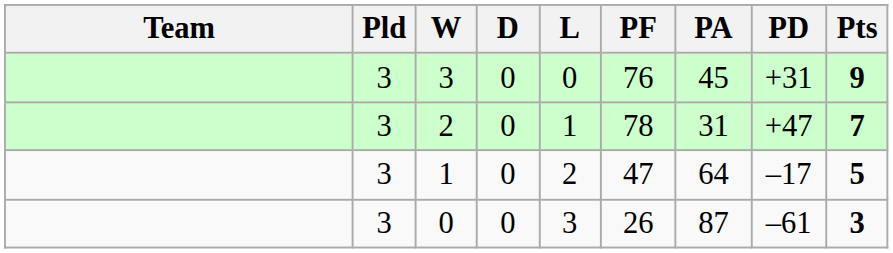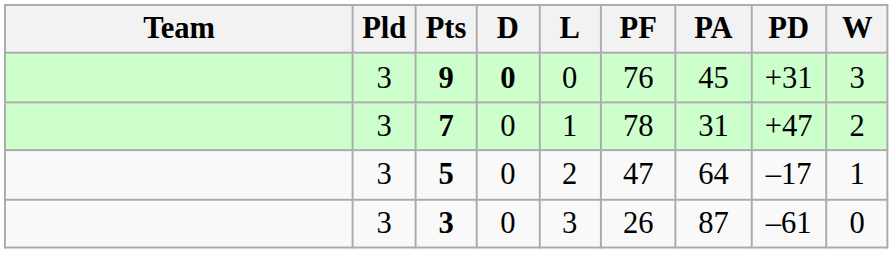 <table class="wikitable" style="text-align:center;">
 <tr>
 <th width=175>Team</th>
 <th width=25 abbr="Played">Pld</th>
-<th width=25 abbr="Won">W</th>
+<th width=25 abbr="Points">Pts</th>
 <th width=25 abbr="Drawn">D</th>
 <th width=25 abbr="Lost">L</th>
 <th width=32 abbr="Points for">PF</th>
 <th width=32 abbr="Points against">PA</th>
 <th width=32 abbr="Points difference">PD</th>
-<th width=25 abbr="Points">Pts</th>
+<th width=25 abbr="Won">W</th>
 </tr>
 <tr bgcolor="#ccffcc">
 <td align=left></td>
 <td>3</td>
-<td>3</td>
-<td>0</td>
+<td><strong>9</strong></td>
+<td><strong>0</strong></td>
 <td>0</td>
 <td>76</td>
 <td>45</td>
 <td>+31</td>
-<td><strong>9</strong></td>
+<td>3</td>
 </tr>
 <tr bgcolor="#ccffcc">
 <td align=left></td>
 <td>3</td>
-<td>2</td>
+<td><strong>7</strong></td>
 <td>0</td>
 <td>1</td>
 <td>78</td>
 <td>31</td>
 <td>+47</td>
-<td><strong>7</strong></td>
+<td>2</td>
 </tr>
 <tr>
 <td align=left></td>
 <td>3</td>
-<td>1</td>
+<td><strong>5</strong></td>
 <td>0</td>
 <td>2</td>
 <td>47</td>
 <td>64</td>
 <td>–17</td>
-<td><strong>5</strong></td>
+<td>1</td>
 </tr>
 <tr>
 <td align=left></td>
 <td>3</td>
-<td>0</td>
+<td><strong>3</strong></td>
 <td>0</td>
 <td>3</td>
 <td>26</td>
 <td>87</td>
 <td>–61</td>
-<td><strong>3</strong></td>
+<td>0</td>
 </tr>
 </table>
